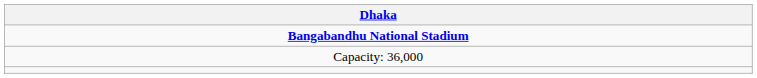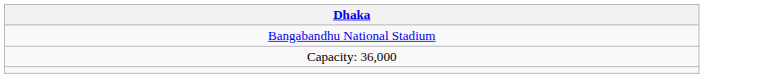 <table class="wikitable" style="text-align:center;">
 <tr>
 <th width="25%"><a href='#'>Dhaka</a></th>
 </tr>
 <tr>
-<td><strong><a href='#'>Bangabandhu National Stadium</a></strong></td>
+<td><a href='#'>Bangabandhu National Stadium</a></td>
 </tr>
 <tr>
 <td>Capacity: 36,000</td>
 </tr>
 <tr>
 <td></td>
 </tr>
 </table>
